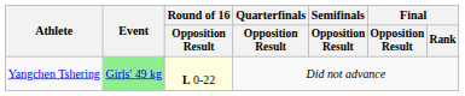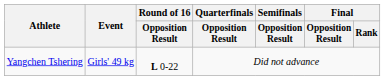 <table class="wikitable" style="text-align:center;font-size:90%">
 <tr>
 <th rowspan=2>Athlete</th>
 <th rowspan=2>Event</th>
 <th>Round of 16</th>
 <th>Quarterfinals</th>
 <th>Semifinals</th>
 <th colspan=2>Final</th>
 </tr>
 <tr style="font-size:95%">
 <th>Opposition<br>Result</th>
 <th>Opposition<br>Result</th>
 <th>Opposition<br>Result</th>
 <th>Opposition<br>Result</th>
 <th>Rank</th>
 </tr>
 <tr>
 <td align=left><a href='#'>Yangchen Tshering</a></td>
-<td align=left style="background: lightgreen;"><a href='#'>Girls'  49 kg</a></td>
-<td style="background: lightyellow;"><br> <strong>L</strong> 0-22</td>
+<td align=left><a href='#'>Girls'  49 kg</a></td>
+<td><br> <strong>L</strong> 0-22</td>
 <td Colspan=4><em>Did not advance</em></td>
 </tr>
 </table>
